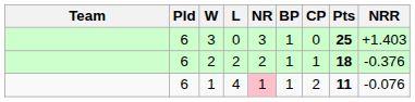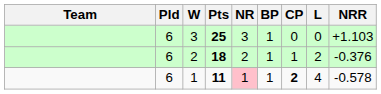 <table class="wikitable" style="text-align:center;">
 <tr>
 <th width=175>Team</th>
 <th width=20 abbr="Played">Pld</th>
 <th width=20 abbr="Won">W</th>
-<th width=20 abbr="Lost">L</th>
+<th width=20 abbr="Points">Pts</th>
 <th width=20 abbr="No result">NR</th>
 <th width=20 abbr="Consolation Points">BP</th>
 <th width=20 abbr="Consolation Points">CP</th>
-<th width=20 abbr="Points">Pts</th>
+<th width=20 abbr="Lost">L</th>
 <th width=40 abbr="Net run rate">NRR</th>
 </tr>
 <tr style="background:#ccffcc;">
 <td align="left"></td>
 <td>6</td>
 <td>3</td>
-<td>0</td>
+<td><strong>25</strong></td>
 <td>3</td>
 <td>1</td>
 <td>0</td>
-<td><strong>25</strong></td>
-<td>+1.403</td>
+<td>0</td>
+<td>+1.103</td>
 </tr>
 <tr style="background:#ccffcc;">
 <td align="left"></td>
 <td>6</td>
 <td>2</td>
-<td>2</td>
+<td><strong>18</strong></td>
 <td>2</td>
 <td>1</td>
 <td>1</td>
-<td><strong>18</strong></td>
+<td>2</td>
 <td>-0.376</td>
 </tr>
 <tr>
 <td align="left"></td>
 <td>6</td>
 <td>1</td>
-<td>4</td>
+<td><strong>11</strong></td>
 <td style="background: pink;">1</td>
 <td>1</td>
-<td>2</td>
-<td><strong>11</strong></td>
-<td>-0.076</td>
+<td><strong>2</strong></td>
+<td>4</td>
+<td>-0.578</td>
 </tr>
 </table>
